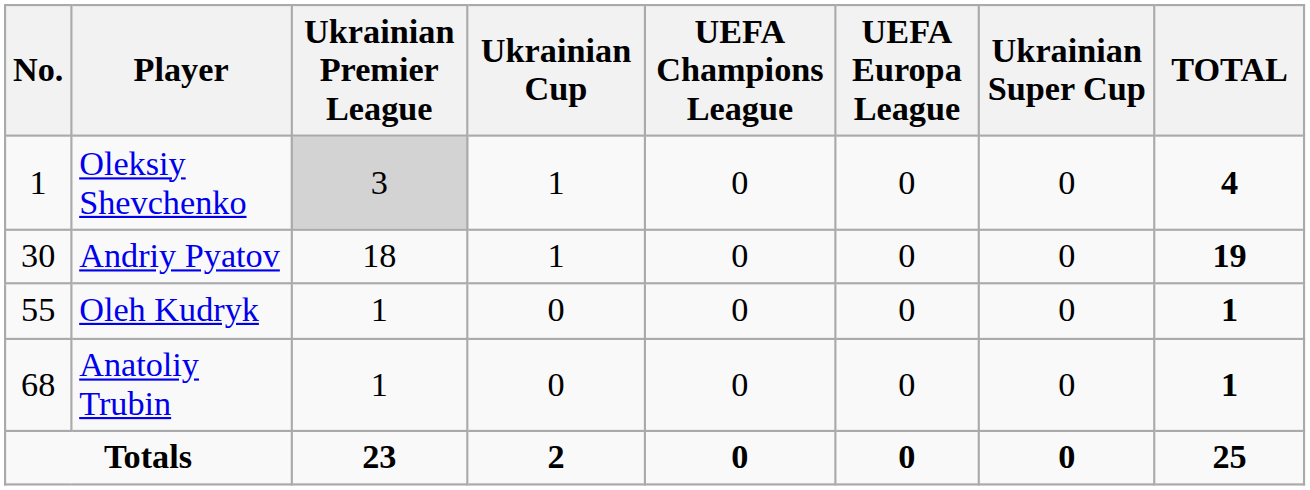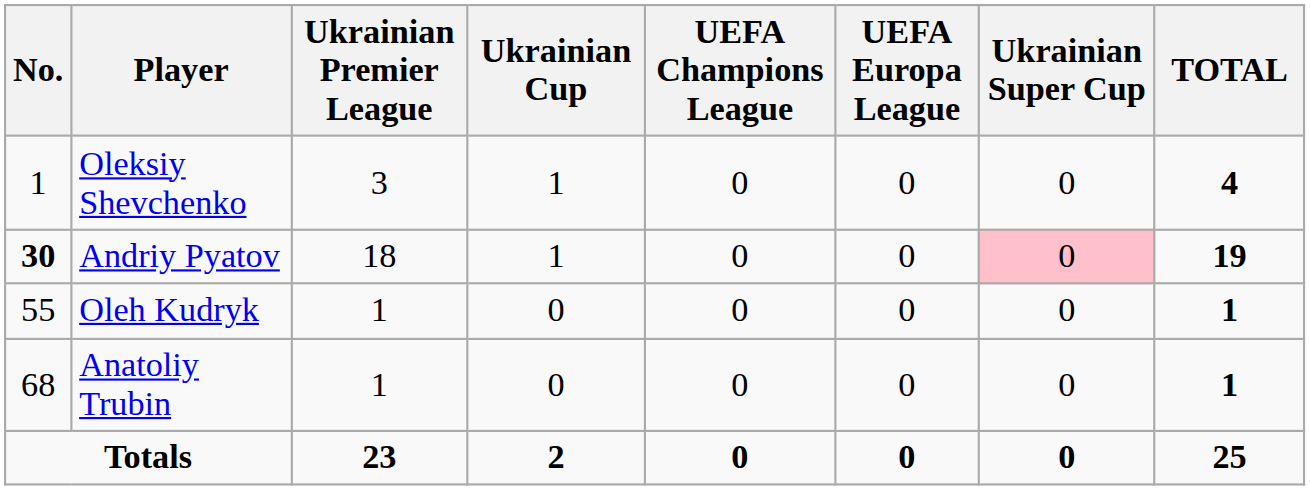 <table class="wikitable sortable alternance" ; style="text-align:center; ">
 <tr>
 <th width=10>No.</th>
 <th scope="col" style="width:180px;">Player</th>
 <th width=100>Ukrainian Premier League</th>
 <th width=100>Ukrainian Cup</th>
 <th width=100>UEFA Champions League</th>
 <th width=100>UEFA Europa League</th>
 <th width=100>Ukrainian Super Cup</th>
 <th width=100>TOTAL</th>
 </tr>
 <tr>
 <td>1</td>
 <td align=left> <a href='#'>Oleksiy Shevchenko</a></td>
-<td style="background: lightgrey;">3</td>
+<td>3</td>
 <td>1</td>
 <td>0</td>
 <td>0</td>
 <td>0</td>
 <td><strong>4</strong></td>
 </tr>
 <tr>
-<td>30</td>
+<td><strong>30</strong></td>
 <td align=left> <a href='#'>Andriy Pyatov</a></td>
 <td>18</td>
 <td>1</td>
 <td>0</td>
 <td>0</td>
-<td>0</td>
+<td style="background: pink;">0</td>
 <td><strong>19</strong></td>
 </tr>
 <tr>
 <td>55</td>
 <td align=left> <a href='#'>Oleh Kudryk</a></td>
 <td>1</td>
 <td>0</td>
 <td>0</td>
 <td>0</td>
 <td>0</td>
 <td><strong>1</strong></td>
 </tr>
 <tr>
 <td>68</td>
 <td align=left> <a href='#'>Anatoliy Trubin</a></td>
 <td>1</td>
 <td>0</td>
 <td>0</td>
 <td>0</td>
 <td>0</td>
 <td><strong>1</strong></td>
 </tr>
 <tr class="sortbottom">
 <td colspan="2"><strong>Totals</strong></td>
 <td><strong>23</strong></td>
 <td><strong>2</strong></td>
 <td><strong>0</strong></td>
 <td><strong>0</strong></td>
 <td><strong>0</strong></td>
 <td><strong>25</strong></td>
 </tr>
 </table>
